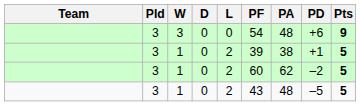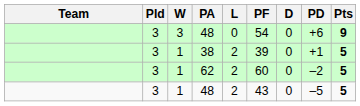 <table class="wikitable" style="text-align:center;">
 <tr>
 <th width=175>Team</th>
 <th width=25 abbr="Played">Pld</th>
 <th width=25 abbr="Won">W</th>
-<th width=25 abbr="Drawn">D</th>
+<th width=32 abbr="Points against">PA</th>
 <th width=25 abbr="Lost">L</th>
 <th width=32 abbr="Points for">PF</th>
-<th width=32 abbr="Points against">PA</th>
+<th width=25 abbr="Drawn">D</th>
 <th width=32 abbr="Points difference">PD</th>
 <th width=25 abbr="Points">Pts</th>
 </tr>
 <tr bgcolor=ccffcc>
 <td align=left></td>
 <td>3</td>
 <td>3</td>
-<td>0</td>
+<td>48</td>
 <td>0</td>
 <td>54</td>
-<td>48</td>
+<td>0</td>
 <td>+6</td>
 <td><strong>9</strong></td>
 </tr>
 <tr bgcolor=ccffcc>
 <td align=left></td>
 <td>3</td>
 <td>1</td>
-<td>0</td>
+<td>38</td>
 <td>2</td>
 <td>39</td>
-<td>38</td>
+<td>0</td>
 <td>+1</td>
 <td><strong>5</strong></td>
 </tr>
 <tr bgcolor=ccffcc>
 <td align=left></td>
 <td>3</td>
 <td>1</td>
-<td>0</td>
+<td>62</td>
 <td>2</td>
 <td>60</td>
-<td>62</td>
+<td>0</td>
 <td>–2</td>
 <td><strong>5</strong></td>
 </tr>
 <tr>
 <td align=left></td>
 <td>3</td>
 <td>1</td>
-<td>0</td>
+<td>48</td>
 <td>2</td>
 <td>43</td>
-<td>48</td>
+<td>0</td>
 <td>–5</td>
 <td><strong>5</strong></td>
 </tr>
 </table>
